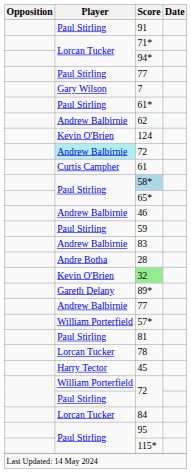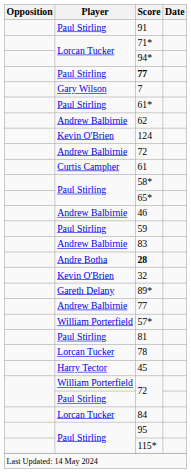 <table class="wikitable sortable">
 <tr>
 <th>Opposition</th>
 <th>Player</th>
 <th>Score</th>
 <th>Date</th>
 </tr>
 <tr>
 <td></td>
 <td><a href='#'>Paul Stirling</a></td>
 <td>91</td>
 <td></td>
 </tr>
 <tr>
 <td></td>
 <td rowspan=2><a href='#'>Lorcan Tucker</a></td>
 <td>71*</td>
 <td></td>
 </tr>
 <tr>
 <td></td>
 <td>94*</td>
 <td></td>
 </tr>
 <tr>
 <td></td>
 <td><a href='#'>Paul Stirling</a></td>
-<td>77</td>
+<td><strong>77</strong></td>
 <td></td>
 </tr>
 <tr>
 <td></td>
 <td><a href='#'>Gary Wilson</a></td>
 <td>7</td>
 <td></td>
 </tr>
 <tr>
 <td></td>
 <td><a href='#'>Paul Stirling</a></td>
 <td>61*</td>
 <td></td>
 </tr>
 <tr>
 <td></td>
 <td><a href='#'>Andrew Balbirnie</a></td>
 <td>62</td>
 <td></td>
 </tr>
 <tr>
 <td></td>
 <td><a href='#'>Kevin O'Brien</a></td>
 <td>124</td>
 <td></td>
 </tr>
 <tr>
 <td></td>
-<td style="background: paleturquoise;"><a href='#'>Andrew Balbirnie</a></td>
+<td><a href='#'>Andrew Balbirnie</a></td>
 <td>72</td>
 <td></td>
 </tr>
 <tr>
 <td></td>
 <td><a href='#'>Curtis Campher</a></td>
 <td>61</td>
 <td></td>
 </tr>
 <tr>
 <td></td>
 <td rowspan=2><a href='#'>Paul Stirling</a></td>
-<td style="background: lightblue;">58*</td>
+<td>58*</td>
 <td></td>
 </tr>
 <tr>
 <td></td>
 <td>65*</td>
 <td></td>
 </tr>
 <tr>
 <td></td>
 <td><a href='#'>Andrew Balbirnie</a></td>
 <td>46</td>
 <td></td>
 </tr>
 <tr>
 <td></td>
 <td><a href='#'>Paul Stirling</a></td>
 <td>59</td>
 <td></td>
 </tr>
 <tr>
 <td></td>
 <td><a href='#'>Andrew Balbirnie</a></td>
 <td>83</td>
 <td></td>
 </tr>
 <tr>
 <td></td>
 <td><a href='#'>Andre Botha</a></td>
-<td>28</td>
+<td><strong>28</strong></td>
 <td></td>
 </tr>
 <tr>
 <td></td>
 <td><a href='#'>Kevin O'Brien</a></td>
-<td style="background: lightgreen;">32</td>
+<td>32</td>
 <td></td>
 </tr>
 <tr>
 <td></td>
 <td><a href='#'>Gareth Delany</a></td>
 <td>89*</td>
 <td></td>
 </tr>
 <tr>
 <td></td>
 <td><a href='#'>Andrew Balbirnie</a></td>
 <td>77</td>
 <td></td>
 </tr>
 <tr>
 <td></td>
 <td><a href='#'>William Porterfield</a></td>
 <td>57*</td>
 <td></td>
 </tr>
 <tr>
 <td></td>
 <td><a href='#'>Paul Stirling</a></td>
 <td>81</td>
 <td></td>
 </tr>
 <tr>
 <td></td>
 <td><a href='#'>Lorcan Tucker</a></td>
 <td>78</td>
 <td></td>
 </tr>
 <tr>
 <td></td>
 <td><a href='#'>Harry Tector</a></td>
 <td>45</td>
 <td></td>
 </tr>
 <tr>
 <td rowspan=2></td>
 <td><a href='#'>William Porterfield</a></td>
 <td rowspan=2>72</td>
 <td></td>
 </tr>
 <tr>
 <td><a href='#'>Paul Stirling</a></td>
 <td></td>
 </tr>
 <tr>
 <td></td>
 <td><a href='#'>Lorcan Tucker</a></td>
 <td>84</td>
 <td></td>
 </tr>
 <tr>
 <td></td>
 <td rowspan=2><a href='#'>Paul Stirling</a></td>
 <td>95</td>
 <td></td>
 </tr>
 <tr>
 <td></td>
 <td>115*</td>
 <td></td>
 </tr>
 <tr>
 </tr>
 <tr class=sortbottom>
 <td colspan=5><small>Last Updated: 14 May 2024</small></td>
 </tr>
 </table>
